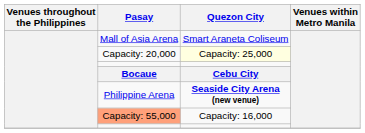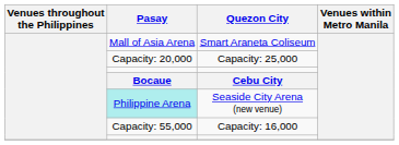 <table class="wikitable" style="margin:1em auto; text-align:center">
 <tr>
 <th>Venues throughout<br> the Philippines</th>
 <th><a href='#'>Pasay</a></th>
 <th><a href='#'>Quezon City</a></th>
 <th>Venues within<br> Metro Manila</th>
 </tr>
 <tr>
 <th rowspan="7"></th>
 <td><a href='#'>Mall of Asia Arena</a></td>
 <td><a href='#'>Smart Araneta Coliseum</a></td>
 <th rowspan="7"></th>
 </tr>
 <tr>
 <td>Capacity: 20,000</td>
-<td style="background: lightyellow;">Capacity: 25,000</td>
+<td>Capacity: 25,000</td>
 </tr>
 <tr>
 <td></td>
 <td></td>
 </tr>
 <tr>
 <th><a href='#'>Bocaue</a></th>
 <th><a href='#'>Cebu City</a></th>
 </tr>
 <tr>
-<td><a href='#'>Philippine Arena</a></td>
-<td><strong><a href='#'>Seaside City Arena</a><br><small>(new venue)</small></strong></td>
+<td style="background: paleturquoise;"><a href='#'>Philippine Arena</a></td>
+<td><a href='#'>Seaside City Arena</a><br><small>(new venue)</small></td>
 </tr>
 <tr>
-<td style="background: lightsalmon;">Capacity: 55,000</td>
+<td>Capacity: 55,000</td>
 <td>Capacity: 16,000</td>
 </tr>
 <tr>
 <td></td>
 <td></td>
 </tr>
 <tr>
 </tr>
 </table>
